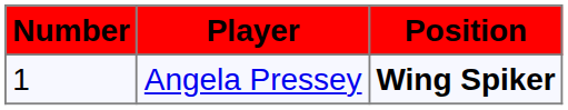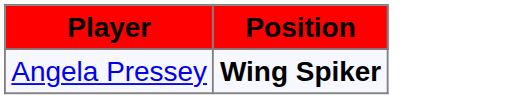 <table bgcolor="#f7f8ff" cellpadding="3" cellspacing="0" border="1" style="font-size: 95%; border: gray solid 1px; border-collapse: collapse;">
 <tr bgcolor="#ff0000">
-<td align=center><strong>Number</strong></td>
 <td align=center><strong>Player</strong></td>
 <td align=center><strong>Position</strong></td>
 </tr>
 <tr align="left">
-<td>1</td>
 <td> <a href='#'>Angela Pressey</a></td>
 <td><strong>Wing Spiker</strong></td>
 </tr>
 </table>
